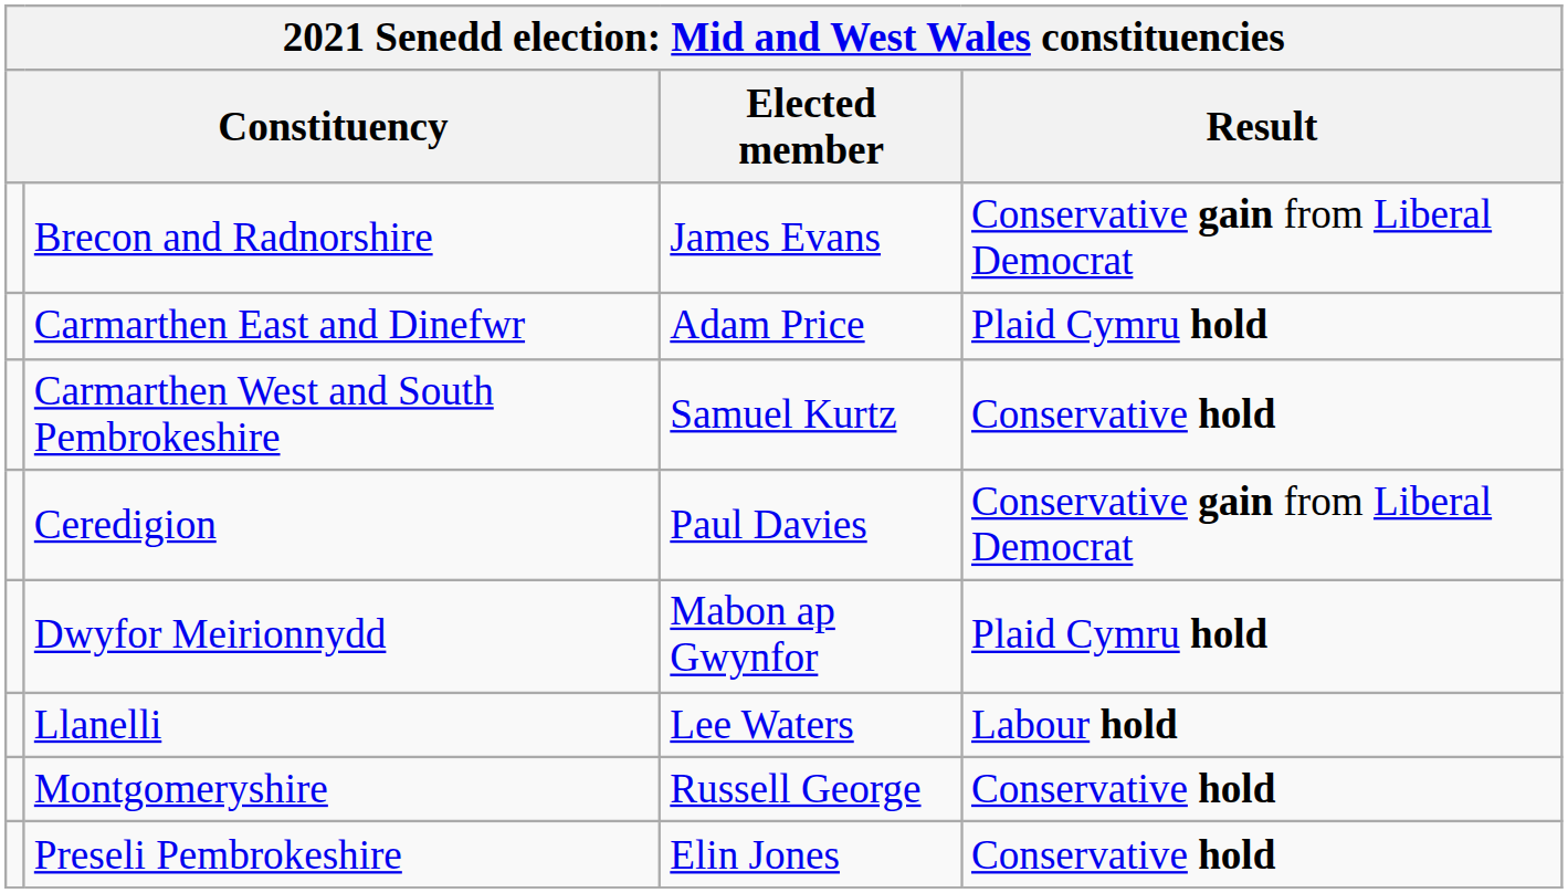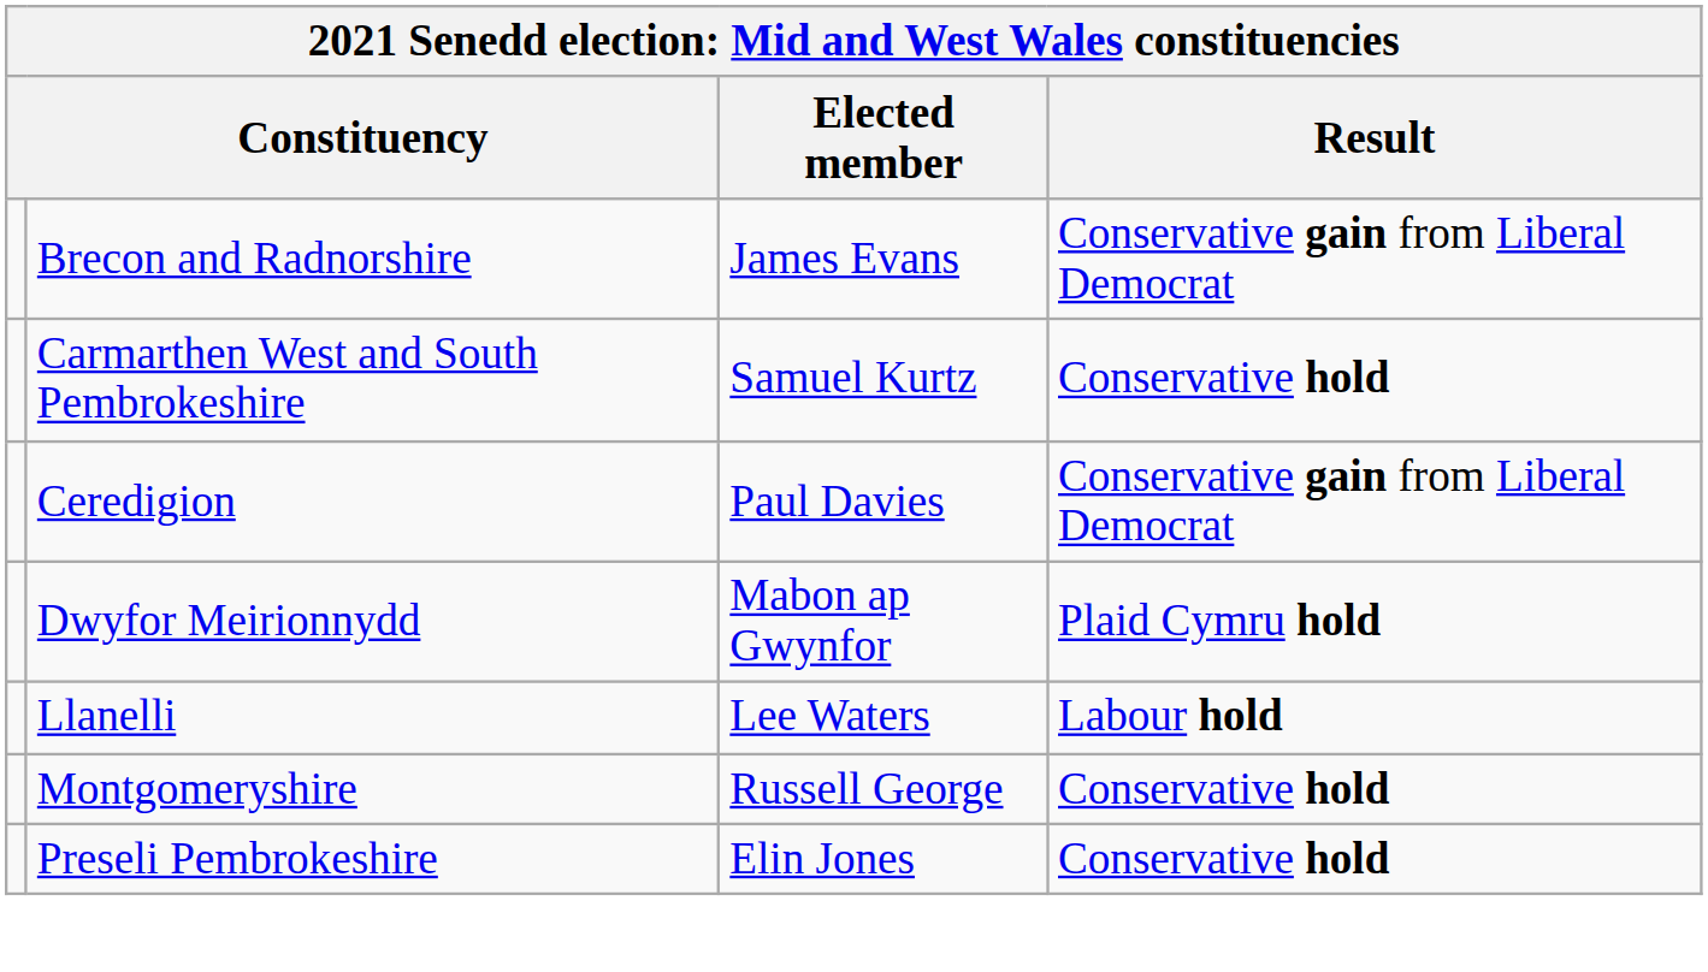 <table class="wikitable">
 <tr>
 <th colspan="4">2021 Senedd election: <a href='#'>Mid and West Wales</a> constituencies</th>
 </tr>
 <tr>
 <th colspan="2">Constituency</th>
 <th>Elected member</th>
 <th>Result</th>
 </tr>
 <tr>
 <td style="background-color: "></td>
 <td><a href='#'>Brecon and Radnorshire</a></td>
 <td><a href='#'>James Evans</a></td>
 <td><a href='#'>Conservative</a> <strong>gain</strong> from <a href='#'>Liberal Democrat</a></td>
-</tr>
-<tr>
-<td style="background-color: "></td>
-<td><a href='#'>Carmarthen East and Dinefwr</a></td>
-<td><a href='#'>Adam Price</a></td>
-<td><a href='#'>Plaid Cymru</a> <strong>hold</strong></td>
 </tr>
 <tr>
 <td style="background-color: "></td>
 <td><a href='#'>Carmarthen West and South Pembrokeshire</a></td>
 <td><a href='#'>Samuel Kurtz</a></td>
 <td><a href='#'>Conservative</a> <strong>hold</strong></td>
 </tr>
 <tr>
 <td style="background-color: "></td>
 <td><a href='#'>Ceredigion</a></td>
 <td><a href='#'>Paul Davies</a></td>
 <td><a href='#'>Conservative</a> <strong>gain</strong> from <a href='#'>Liberal Democrat</a></td>
 </tr>
 <tr>
 <td style="background-color: "></td>
 <td><a href='#'>Dwyfor Meirionnydd</a></td>
 <td><a href='#'>Mabon ap Gwynfor</a></td>
 <td><a href='#'>Plaid Cymru</a> <strong>hold</strong></td>
 </tr>
 <tr>
 <td style="background-color: "></td>
 <td><a href='#'>Llanelli</a></td>
 <td><a href='#'>Lee Waters</a></td>
 <td><a href='#'>Labour</a> <strong>hold</strong></td>
 </tr>
 <tr>
 <td style="background-color: "></td>
 <td><a href='#'>Montgomeryshire</a></td>
 <td><a href='#'>Russell George</a></td>
 <td><a href='#'>Conservative</a> <strong>hold</strong></td>
 </tr>
 <tr>
 <td style="background-color: "></td>
 <td><a href='#'>Preseli Pembrokeshire</a></td>
 <td><a href='#'>Elin Jones</a></td>
 <td><a href='#'>Conservative</a> <strong>hold</strong></td>
 </tr>
 </table>
